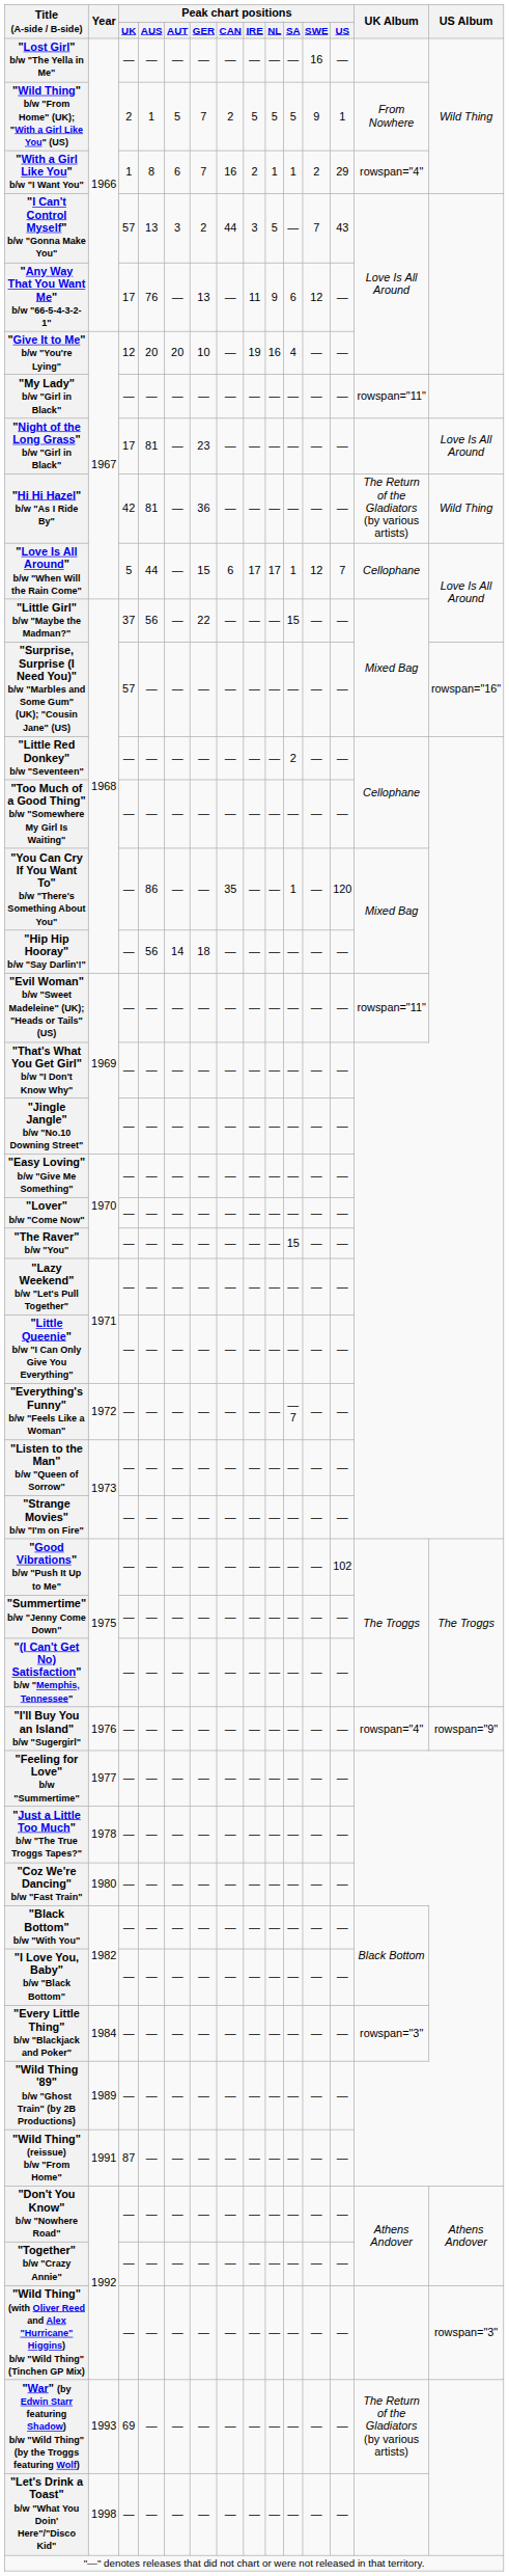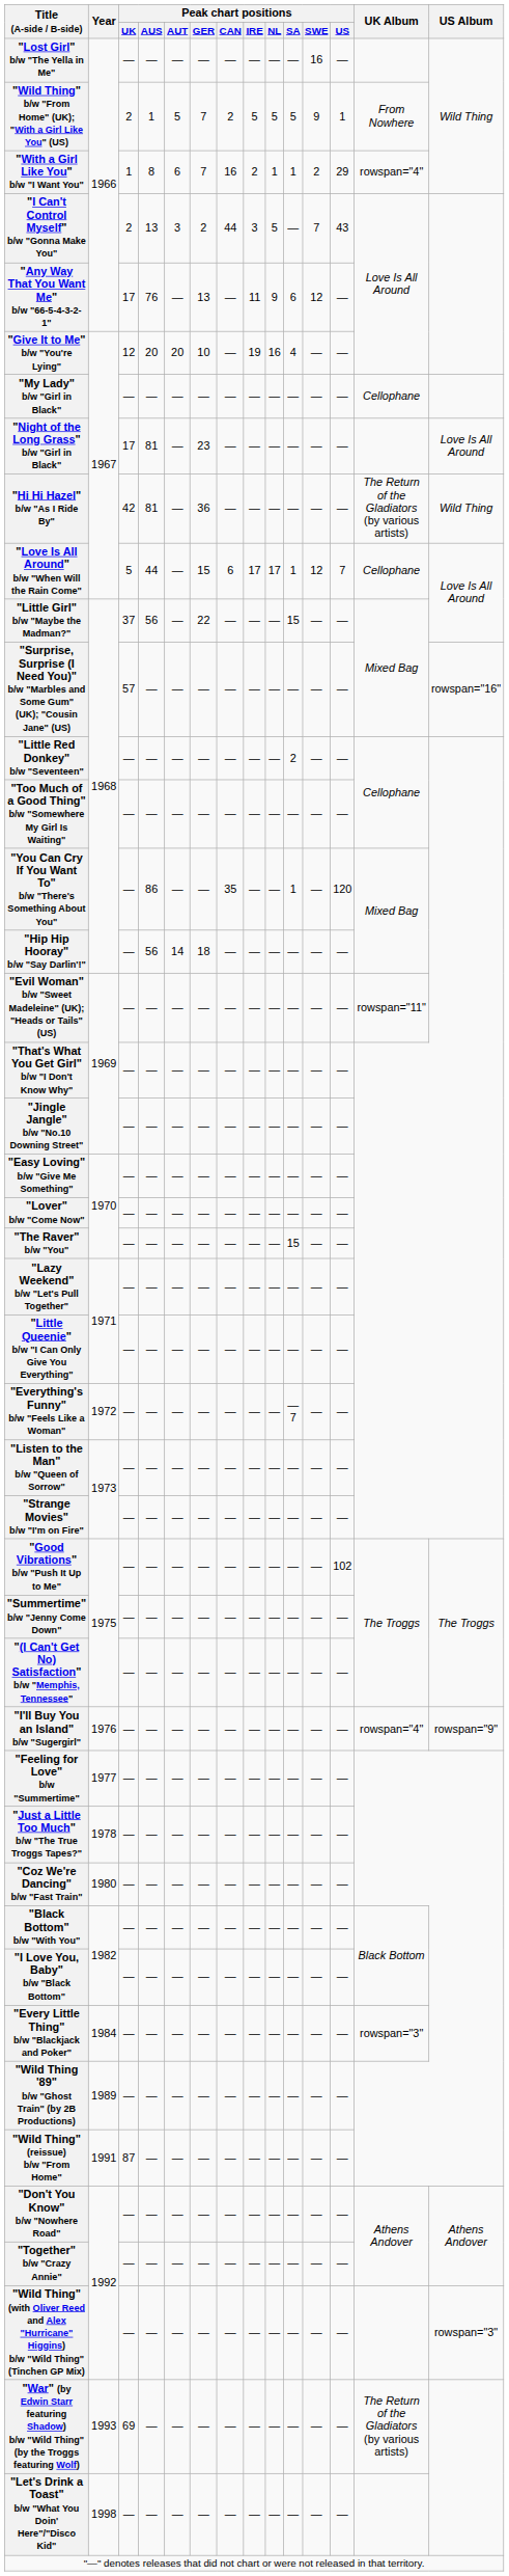 <table class="wikitable plainrowheaders" style="text-align:center;">
 <tr>
 <th rowspan="2" scope="col" style="width:17em;">Title<br><small>(A-side / B-side)</small></th>
 <th rowspan="2" scope="col" style="width:2em;">Year</th>
 <th colspan="10">Peak chart positions</th>
 <th rowspan="2" style="width:8em;">UK Album</th>
 <th rowspan="2" style="width:8em;">US Album</th>
 </tr>
 <tr>
 <th scope="col" style="width:2em;font-size:90%;"><a href='#'>UK</a><br></th>
 <th scope="col" style="width:2em;font-size:90%;"><a href='#'>AUS</a><br></th>
 <th scope="col" style="width:2em;font-size:90%;"><a href='#'>AUT</a><br></th>
 <th scope="col" style="width:2em;font-size:90%;"><a href='#'>GER</a><br></th>
 <th scope="col" style="width:2em;font-size:90%;"><a href='#'>CAN</a><br></th>
 <th scope="col" style="width:2em;font-size:90%;"><a href='#'>IRE</a><br></th>
 <th scope="col" style="width:2em;font-size:90%;"><a href='#'>NL</a><br></th>
 <th scope="col" style="width:2em;font-size:90%;"><a href='#'>SA</a><br></th>
 <th scope="col" style="width:2em;font-size:90%;"><a href='#'>SWE</a><br></th>
 <th scope="col" style="width:2em;font-size:90%;"><a href='#'>US</a><br></th>
 </tr>
 <tr>
 <th scope="row">"<a href='#'>Lost Girl</a>"<br><small>b/w "The Yella in Me"</small></th>
 <td rowspan="5">1966</td>
 <td>—</td>
 <td>—</td>
 <td>—</td>
 <td>—</td>
 <td>—</td>
 <td>—</td>
 <td>—</td>
 <td>—</td>
 <td>16</td>
 <td>—</td>
 <td></td>
 <td rowspan="3"><em>Wild Thing</em></td>
 </tr>
 <tr>
 <th scope="row">"<a href='#'>Wild Thing</a>"<br><small>b/w "From Home" (UK); "<a href='#'>With a Girl Like You</a>" (US)</small></th>
 <td>2</td>
 <td>1</td>
 <td>5</td>
 <td>7</td>
 <td>2</td>
 <td>5</td>
 <td>5</td>
 <td>5</td>
 <td>9</td>
 <td>1</td>
 <td><em>From Nowhere</em></td>
 </tr>
 <tr>
 <th scope="row">"<a href='#'>With a Girl Like You</a>"<br><small>b/w "I Want You"</small></th>
 <td>1</td>
 <td>8</td>
 <td>6</td>
 <td>7</td>
 <td>16</td>
 <td>2</td>
 <td>1</td>
 <td>1</td>
 <td>2</td>
 <td>29</td>
 <td>rowspan="4" </td>
 </tr>
 <tr>
 <th scope="row">"<a href='#'>I Can't Control Myself</a>"<br><small>b/w "Gonna Make You"</small></th>
-<td>57</td>
+<td>2</td>
 <td>13</td>
 <td>3</td>
 <td>2</td>
 <td>44</td>
 <td>3</td>
 <td>5</td>
 <td>—</td>
 <td>7</td>
 <td>43</td>
 <td rowspan="3"><em>Love Is All Around</em></td>
 </tr>
 <tr>
 <th scope="row">"<a href='#'>Any Way That You Want Me</a>"<br><small>b/w "66-5-4-3-2-1"</small></th>
 <td>17</td>
 <td>76</td>
 <td>—</td>
 <td>13</td>
 <td>—</td>
 <td>11</td>
 <td>9</td>
 <td>6</td>
 <td>12</td>
 <td>—</td>
 </tr>
 <tr>
 <th scope="row">"<a href='#'>Give It to Me</a>"<br><small>b/w "You're Lying"</small></th>
 <td rowspan="5">1967</td>
 <td>12</td>
 <td>20</td>
 <td>20</td>
 <td>10</td>
 <td>—</td>
 <td>19</td>
 <td>16</td>
 <td>4</td>
 <td>—</td>
 <td>—</td>
 </tr>
 <tr>
 <th scope="row">"My Lady" <br><small>b/w "Girl in Black"</small></th>
 <td>—</td>
 <td>—</td>
 <td>—</td>
 <td>—</td>
 <td>—</td>
 <td>—</td>
 <td>—</td>
 <td>—</td>
 <td>—</td>
 <td>—</td>
-<td>rowspan="11" </td>
+<td><em>Cellophane</em></td>
 <td></td>
 </tr>
 <tr>
 <th scope="row">"<a href='#'>Night of the Long Grass</a>"<br><small>b/w "Girl in Black"</small></th>
 <td>17</td>
 <td>81</td>
 <td>—</td>
 <td>23</td>
 <td>—</td>
 <td>—</td>
 <td>—</td>
 <td>—</td>
 <td>—</td>
 <td>—</td>
 <td></td>
 <td><em>Love Is All Around</em></td>
 </tr>
 <tr>
 <th scope="row">"<a href='#'>Hi Hi Hazel</a>"<br><small>b/w "As I Ride By"</small></th>
 <td>42</td>
 <td>81</td>
 <td>—</td>
 <td>36</td>
 <td>—</td>
 <td>—</td>
 <td>—</td>
 <td>—</td>
 <td>—</td>
 <td>—</td>
 <td><em>The Return of the Gladiators</em> (by various artists)</td>
 <td><em>Wild Thing</em></td>
 </tr>
 <tr>
 <th scope="row">"<a href='#'>Love Is All Around</a>"<br><small>b/w "When Will the Rain Come"</small></th>
 <td>5</td>
 <td>44</td>
 <td>—</td>
 <td>15</td>
 <td>6</td>
 <td>17</td>
 <td>17</td>
 <td>1</td>
 <td>12</td>
 <td>7</td>
 <td><em>Cellophane</em></td>
 <td rowspan="2"><em>Love Is All Around</em></td>
 </tr>
 <tr>
 <th scope="row">"Little Girl"<br><small>b/w "Maybe the Madman?"</small></th>
 <td rowspan="6">1968</td>
 <td>37</td>
 <td>56</td>
 <td>—</td>
 <td>22</td>
 <td>—</td>
 <td>—</td>
 <td>—</td>
 <td>15</td>
 <td>—</td>
 <td>—</td>
 <td rowspan="2"><em>Mixed Bag</em></td>
 </tr>
 <tr>
 <th scope="row">"Surprise, Surprise (I Need You)"<br><small>b/w "Marbles and Some Gum" (UK); "Cousin Jane" (US)</small></th>
 <td>57</td>
 <td>—</td>
 <td>—</td>
 <td>—</td>
 <td>—</td>
 <td>—</td>
 <td>—</td>
 <td>—</td>
 <td>—</td>
 <td>—</td>
 <td>rowspan="16" </td>
 </tr>
 <tr>
 <th scope="row">"Little Red Donkey" <br><small>b/w "Seventeen"</small></th>
 <td>—</td>
 <td>—</td>
 <td>—</td>
 <td>—</td>
 <td>—</td>
 <td>—</td>
 <td>—</td>
 <td>2</td>
 <td>—</td>
 <td>—</td>
 <td rowspan="2"><em>Cellophane</em></td>
 </tr>
 <tr>
 <th scope="row">"Too Much of a Good Thing" <br><small>b/w "Somewhere My Girl Is Waiting"</small></th>
 <td>—</td>
 <td>—</td>
 <td>—</td>
 <td>—</td>
 <td>—</td>
 <td>—</td>
 <td>—</td>
 <td>—</td>
 <td>—</td>
 <td>—</td>
 </tr>
 <tr>
 <th scope="row">"You Can Cry If You Want To" <br><small>b/w "There's Something About You"</small></th>
 <td>—</td>
 <td>86</td>
 <td>—</td>
 <td>—</td>
 <td>35</td>
 <td>—</td>
 <td>—</td>
 <td>1</td>
 <td>—</td>
 <td>120</td>
 <td rowspan="2"><em>Mixed Bag</em></td>
 </tr>
 <tr>
 <th scope="row">"Hip Hip Hooray"<br><small>b/w "Say Darlin'!"</small></th>
 <td>—</td>
 <td>56</td>
 <td>14</td>
 <td>18</td>
 <td>—</td>
 <td>—</td>
 <td>—</td>
 <td>—</td>
 <td>—</td>
 <td>—</td>
 </tr>
 <tr>
 <th scope="row">"Evil Woman"<br><small>b/w "Sweet Madeleine" (UK); "Heads or Tails" (US)</small></th>
 <td rowspan="3">1969</td>
 <td>—</td>
 <td>—</td>
 <td>—</td>
 <td>—</td>
 <td>—</td>
 <td>—</td>
 <td>—</td>
 <td>—</td>
 <td>—</td>
 <td>—</td>
 <td>rowspan="11" </td>
 </tr>
 <tr>
 <th scope="row">"That's What You Get Girl" <br><small>b/w "I Don't Know Why"</small></th>
 <td>—</td>
 <td>—</td>
 <td>—</td>
 <td>—</td>
 <td>—</td>
 <td>—</td>
 <td>—</td>
 <td>—</td>
 <td>—</td>
 <td>—</td>
 </tr>
 <tr>
 <th scope="row">"Jingle Jangle" <br><small>b/w "No.10 Downing Street"</small></th>
 <td>—</td>
 <td>—</td>
 <td>—</td>
 <td>—</td>
 <td>—</td>
 <td>—</td>
 <td>—</td>
 <td>—</td>
 <td>—</td>
 <td>—</td>
 </tr>
 <tr>
 <th scope="row">"Easy Loving"<br><small>b/w "Give Me Something"</small></th>
 <td rowspan="3">1970</td>
 <td>—</td>
 <td>—</td>
 <td>—</td>
 <td>—</td>
 <td>—</td>
 <td>—</td>
 <td>—</td>
 <td>—</td>
 <td>—</td>
 <td>—</td>
 </tr>
 <tr>
 <th scope="row">"Lover"<br><small>b/w "Come Now"</small></th>
 <td>—</td>
 <td>—</td>
 <td>—</td>
 <td>—</td>
 <td>—</td>
 <td>—</td>
 <td>—</td>
 <td>—</td>
 <td>—</td>
 <td>—</td>
 </tr>
 <tr>
 <th scope="row">"The Raver"<br><small>b/w "You"</small></th>
 <td>—</td>
 <td>—</td>
 <td>—</td>
 <td>—</td>
 <td>—</td>
 <td>—</td>
 <td>—</td>
 <td>15</td>
 <td>—</td>
 <td>—</td>
 </tr>
 <tr>
 <th scope="row">"Lazy Weekend"<br><small>b/w "Let's Pull Together"</small></th>
 <td rowspan="2">1971</td>
 <td>—</td>
 <td>—</td>
 <td>—</td>
 <td>—</td>
 <td>—</td>
 <td>—</td>
 <td>—</td>
 <td>—</td>
 <td>—</td>
 <td>—</td>
 </tr>
 <tr>
 <th scope="row">"<a href='#'>Little Queenie</a>" <br><small>b/w "I Can Only Give You Everything"</small></th>
 <td>—</td>
 <td>—</td>
 <td>—</td>
 <td>—</td>
 <td>—</td>
 <td>—</td>
 <td>—</td>
 <td>—</td>
 <td>—</td>
 <td>—</td>
 </tr>
 <tr>
 <th scope="row">"Everything's Funny"<br><small>b/w "Feels Like a Woman"</small></th>
 <td>1972</td>
 <td>—</td>
 <td>—</td>
 <td>—</td>
 <td>—</td>
 <td>—</td>
 <td>—</td>
 <td>—</td>
 <td>—<br>7</td>
 <td>—</td>
 <td>—</td>
 </tr>
 <tr>
 <th scope="row">"Listen to the Man"<br><small>b/w "Queen of Sorrow"</small></th>
 <td rowspan="2">1973</td>
 <td>—</td>
 <td>—</td>
 <td>—</td>
 <td>—</td>
 <td>—</td>
 <td>—</td>
 <td>—</td>
 <td>—</td>
 <td>—</td>
 <td>—</td>
 </tr>
 <tr>
 <th scope="row">"Strange Movies"<br><small>b/w "I'm on Fire"</small></th>
 <td>—</td>
 <td>—</td>
 <td>—</td>
 <td>—</td>
 <td>—</td>
 <td>—</td>
 <td>—</td>
 <td>—</td>
 <td>—</td>
 <td>—</td>
 </tr>
 <tr>
 <th scope="row">"<a href='#'>Good Vibrations</a>"<br><small>b/w "Push It Up to Me"</small></th>
 <td rowspan="3">1975</td>
 <td>—</td>
 <td>—</td>
 <td>—</td>
 <td>—</td>
 <td>—</td>
 <td>—</td>
 <td>—</td>
 <td>—</td>
 <td>—</td>
 <td>102</td>
 <td rowspan="3"><em>The Troggs</em></td>
 <td rowspan="3"><em>The Troggs</em></td>
 </tr>
 <tr>
 <th scope="row">"Summertime"<br><small>b/w "Jenny Come Down"</small></th>
 <td>—</td>
 <td>—</td>
 <td>—</td>
 <td>—</td>
 <td>—</td>
 <td>—</td>
 <td>—</td>
 <td>—</td>
 <td>—</td>
 <td>—</td>
 </tr>
 <tr>
 <th scope="row">"<a href='#'>(I Can't Get No) Satisfaction</a>"<br><small>b/w "<a href='#'>Memphis, Tennessee</a>"</small></th>
 <td>—</td>
 <td>—</td>
 <td>—</td>
 <td>—</td>
 <td>—</td>
 <td>—</td>
 <td>—</td>
 <td>—</td>
 <td>—</td>
 <td>—</td>
 </tr>
 <tr>
 <th scope="row">"I'll Buy You an Island"<br><small>b/w "Sugergirl"</small></th>
 <td>1976</td>
 <td>—</td>
 <td>—</td>
 <td>—</td>
 <td>—</td>
 <td>—</td>
 <td>—</td>
 <td>—</td>
 <td>—</td>
 <td>—</td>
 <td>—</td>
 <td>rowspan="4" </td>
 <td>rowspan="9" </td>
 </tr>
 <tr>
 <th scope="row">"Feeling for Love"<br><small>b/w "Summertime"</small></th>
 <td>1977</td>
 <td>—</td>
 <td>—</td>
 <td>—</td>
 <td>—</td>
 <td>—</td>
 <td>—</td>
 <td>—</td>
 <td>—</td>
 <td>—</td>
 <td>—</td>
 </tr>
 <tr>
 <th scope="row">"<a href='#'>Just a Little Too Much</a>"<br><small>b/w "The True Troggs Tapes?"</small></th>
 <td>1978</td>
 <td>—</td>
 <td>—</td>
 <td>—</td>
 <td>—</td>
 <td>—</td>
 <td>—</td>
 <td>—</td>
 <td>—</td>
 <td>—</td>
 <td>—</td>
 </tr>
 <tr>
 <th scope="row">"Coz We're Dancing" <br><small>b/w "Fast Train"</small></th>
 <td>1980</td>
 <td>—</td>
 <td>—</td>
 <td>—</td>
 <td>—</td>
 <td>—</td>
 <td>—</td>
 <td>—</td>
 <td>—</td>
 <td>—</td>
 <td>—</td>
 </tr>
 <tr>
 <th scope="row">"Black Bottom"<br><small>b/w "With You"</small></th>
 <td rowspan="2">1982</td>
 <td>—</td>
 <td>—</td>
 <td>—</td>
 <td>—</td>
 <td>—</td>
 <td>—</td>
 <td>—</td>
 <td>—</td>
 <td>—</td>
 <td>—</td>
 <td rowspan="2"><em>Black Bottom</em></td>
 </tr>
 <tr>
 <th scope="row">"I Love You, Baby" <br><small>b/w "Black Bottom"</small></th>
 <td>—</td>
 <td>—</td>
 <td>—</td>
 <td>—</td>
 <td>—</td>
 <td>—</td>
 <td>—</td>
 <td>—</td>
 <td>—</td>
 <td>—</td>
 </tr>
 <tr>
 <th scope="row">"Every Little Thing"<br><small>b/w "Blackjack and Poker"</small></th>
 <td>1984</td>
 <td>—</td>
 <td>—</td>
 <td>—</td>
 <td>—</td>
 <td>—</td>
 <td>—</td>
 <td>—</td>
 <td>—</td>
 <td>—</td>
 <td>—</td>
 <td>rowspan="3" </td>
 </tr>
 <tr>
 <th scope="row">"Wild Thing '89"<br><small>b/w "Ghost Train" (by 2B Productions)</small></th>
 <td>1989</td>
 <td>—</td>
 <td>—</td>
 <td>—</td>
 <td>—</td>
 <td>—</td>
 <td>—</td>
 <td>—</td>
 <td>—</td>
 <td>—</td>
 <td>—</td>
 </tr>
 <tr>
 <th scope="row">"Wild Thing" <small>(reissue)</small><br><small>b/w "From Home"</small></th>
 <td>1991</td>
 <td>87</td>
 <td>—</td>
 <td>—</td>
 <td>—</td>
 <td>—</td>
 <td>—</td>
 <td>—</td>
 <td>—</td>
 <td>—</td>
 <td>—</td>
 </tr>
 <tr>
 <th scope="row">"Don't You Know"<br><small>b/w "Nowhere Road"</small></th>
 <td rowspan="3">1992</td>
 <td>—</td>
 <td>—</td>
 <td>—</td>
 <td>—</td>
 <td>—</td>
 <td>—</td>
 <td>—</td>
 <td>—</td>
 <td>—</td>
 <td>—</td>
 <td rowspan="2"><em>Athens Andover</em></td>
 <td rowspan="2"><em>Athens Andover</em></td>
 </tr>
 <tr>
 <th scope="row">"Together"<br><small>b/w "Crazy Annie"</small></th>
 <td>—</td>
 <td>—</td>
 <td>—</td>
 <td>—</td>
 <td>—</td>
 <td>—</td>
 <td>—</td>
 <td>—</td>
 <td>—</td>
 <td>—</td>
 </tr>
 <tr>
 <th scope="row">"Wild Thing" <small>(with <a href='#'>Oliver Reed</a> and <a href='#'>Alex "Hurricane" Higgins</a>)</small><br><small>b/w "Wild Thing" (Tinchen GP Mix)</small></th>
 <td>—</td>
 <td>—</td>
 <td>—</td>
 <td>—</td>
 <td>—</td>
 <td>—</td>
 <td>—</td>
 <td>—</td>
 <td>—</td>
 <td>—</td>
 <td></td>
 <td>rowspan="3" </td>
 </tr>
 <tr>
 <th scope="row">"<a href='#'>War</a>" <small>(by <a href='#'>Edwin Starr</a> featuring <a href='#'>Shadow</a>)</small><br><small>b/w "Wild Thing" (by the Troggs featuring <a href='#'>Wolf</a>)</small></th>
 <td>1993</td>
 <td>69</td>
 <td>—</td>
 <td>—</td>
 <td>—</td>
 <td>—</td>
 <td>—</td>
 <td>—</td>
 <td>—</td>
 <td>—</td>
 <td>—</td>
 <td><em>The Return of the Gladiators</em> (by various artists)</td>
 </tr>
 <tr>
 <th scope="row">"Let's Drink a Toast"<br><small>b/w "What You Doin' Here"/"Disco Kid"</small></th>
 <td>1998</td>
 <td>—</td>
 <td>—</td>
 <td>—</td>
 <td>—</td>
 <td>—</td>
 <td>—</td>
 <td>—</td>
 <td>—</td>
 <td>—</td>
 <td>—</td>
 <td></td>
 </tr>
 <tr>
 <td colspan="14" style="font-size:90%">"—" denotes releases that did not chart or were not released in that territory.</td>
 </tr>
 </table>
